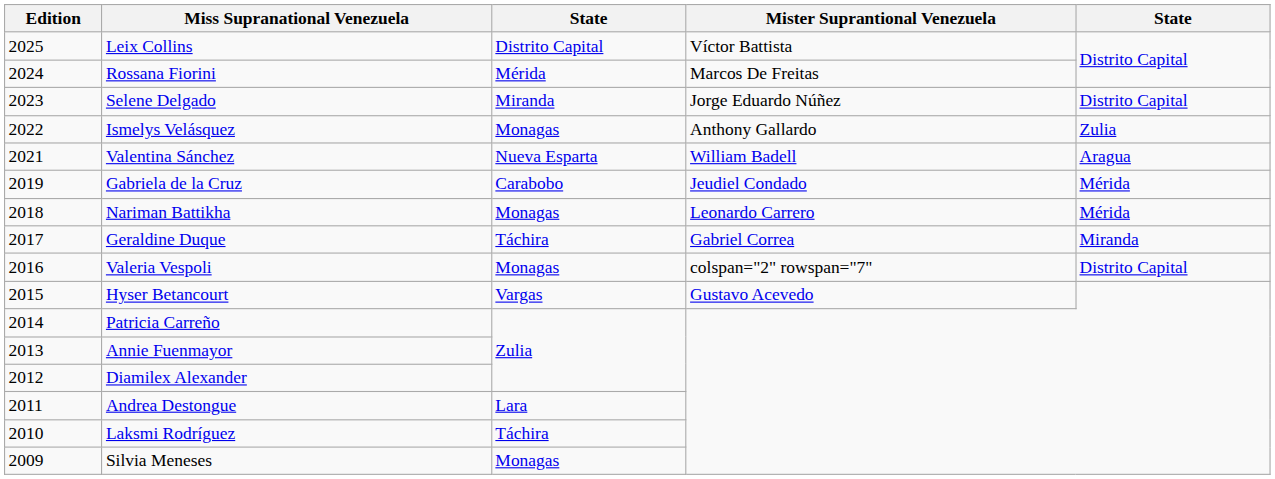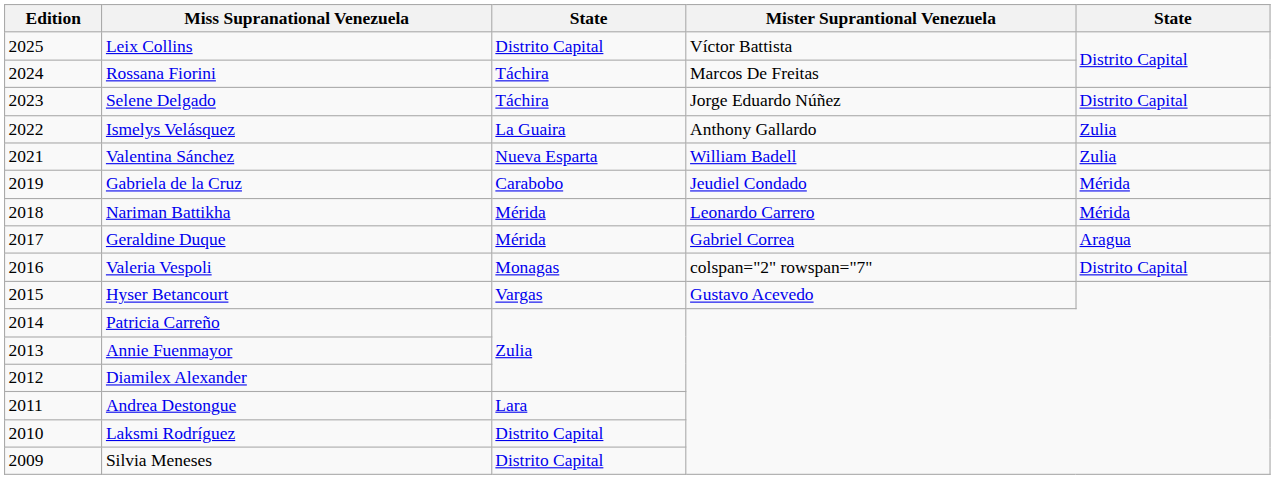 <table class="wikitable" font-size: 95%;">
 <tr>
 <th width="5%">Edition</th>
 <th width="20%">Miss Supranational Venezuela</th>
 <th width="10%">State</th>
 <th width="20%">Mister Suprantional Venezuela</th>
 <th width="10%">State</th>
 </tr>
 <tr>
 <td>2025</td>
 <td><a href='#'>Leix Collins</a></td>
 <td><a href='#'>Distrito Capital</a></td>
 <td>Víctor Battista</td>
 <td rowspan="2"><a href='#'>Distrito Capital</a></td>
 </tr>
 <tr>
 <td>2024</td>
 <td><a href='#'>Rossana Fiorini</a></td>
-<td><a href='#'>Mérida</a></td>
+<td><a href='#'>Táchira</a></td>
 <td>Marcos De Freitas</td>
 </tr>
 <tr>
 <td>2023</td>
 <td><a href='#'>Selene Delgado</a></td>
-<td><a href='#'>Miranda</a></td>
+<td><a href='#'>Táchira</a></td>
 <td>Jorge Eduardo Núñez</td>
 <td><a href='#'>Distrito Capital</a></td>
 </tr>
 <tr>
 <td>2022</td>
 <td><a href='#'>Ismelys Velásquez</a></td>
-<td><a href='#'>Monagas</a></td>
+<td><a href='#'>La Guaira</a></td>
 <td>Anthony Gallardo</td>
 <td><a href='#'>Zulia</a></td>
 </tr>
 <tr>
 <td>2021</td>
 <td><a href='#'>Valentina Sánchez</a></td>
 <td><a href='#'>Nueva Esparta</a></td>
 <td><a href='#'>William Badell</a></td>
-<td><a href='#'>Aragua</a></td>
+<td><a href='#'>Zulia</a></td>
 </tr>
 <tr>
 <td>2019</td>
 <td><a href='#'>Gabriela de la Cruz</a></td>
 <td><a href='#'>Carabobo</a></td>
 <td><a href='#'>Jeudiel Condado</a></td>
 <td><a href='#'>Mérida</a></td>
 </tr>
 <tr>
 <td>2018</td>
 <td><a href='#'>Nariman Battikha</a></td>
-<td><a href='#'>Monagas</a></td>
+<td><a href='#'>Mérida</a></td>
 <td><a href='#'>Leonardo Carrero</a></td>
 <td><a href='#'>Mérida</a></td>
 </tr>
 <tr>
 <td>2017</td>
 <td><a href='#'>Geraldine Duque</a></td>
-<td><a href='#'>Táchira</a></td>
+<td><a href='#'>Mérida</a></td>
 <td><a href='#'>Gabriel Correa</a></td>
-<td><a href='#'>Miranda</a></td>
+<td><a href='#'>Aragua</a></td>
 </tr>
 <tr>
 <td>2016</td>
 <td><a href='#'>Valeria Vespoli</a></td>
 <td><a href='#'>Monagas</a></td>
 <td>colspan="2" rowspan="7" </td>
 <td><a href='#'>Distrito Capital</a></td>
 </tr>
 <tr>
 <td>2015</td>
 <td><a href='#'>Hyser Betancourt</a></td>
 <td><a href='#'>Vargas</a></td>
 <td><a href='#'>Gustavo Acevedo</a></td>
 </tr>
 <tr>
 <td>2014</td>
 <td><a href='#'>Patricia Carreño</a></td>
 <td rowspan="3"><a href='#'>Zulia</a></td>
 </tr>
 <tr>
 <td>2013</td>
 <td><a href='#'>Annie Fuenmayor</a></td>
 </tr>
 <tr>
 <td>2012</td>
 <td><a href='#'>Diamilex Alexander</a></td>
 </tr>
 <tr>
 <td>2011</td>
 <td><a href='#'>Andrea Destongue</a></td>
 <td><a href='#'>Lara</a></td>
 </tr>
 <tr>
 <td>2010</td>
 <td><a href='#'>Laksmi Rodríguez</a></td>
-<td><a href='#'>Táchira</a></td>
+<td><a href='#'>Distrito Capital</a></td>
 </tr>
 <tr>
 <td>2009</td>
 <td>Silvia Meneses</td>
-<td><a href='#'>Monagas</a></td>
+<td><a href='#'>Distrito Capital</a></td>
 </tr>
 </table>
